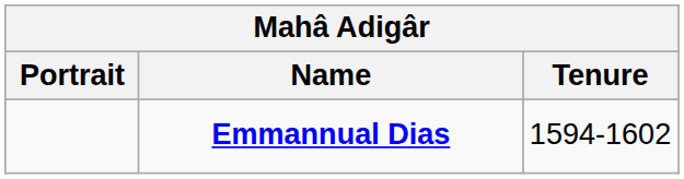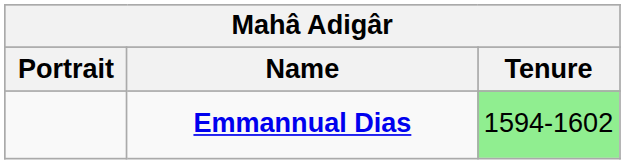 <table class="wikitable" style="text-align:center; border:1px #aaf solid;">
 <tr>
 <th colspan="3">Mahâ Adigâr</th>
 </tr>
 <tr>
 <th>Portrait</th>
 <th width="200">Name<br></th>
 <th>Tenure</th>
 </tr>
 <tr style="height:40px;">
 <td width="65"></td>
 <td><strong><a href='#'>Emmannual Dias</a></strong><br></td>
-<td class="nowrap">1594-1602</td>
+<td class="nowrap" style="background: lightgreen;">1594-1602</td>
 </tr>
 </table>
